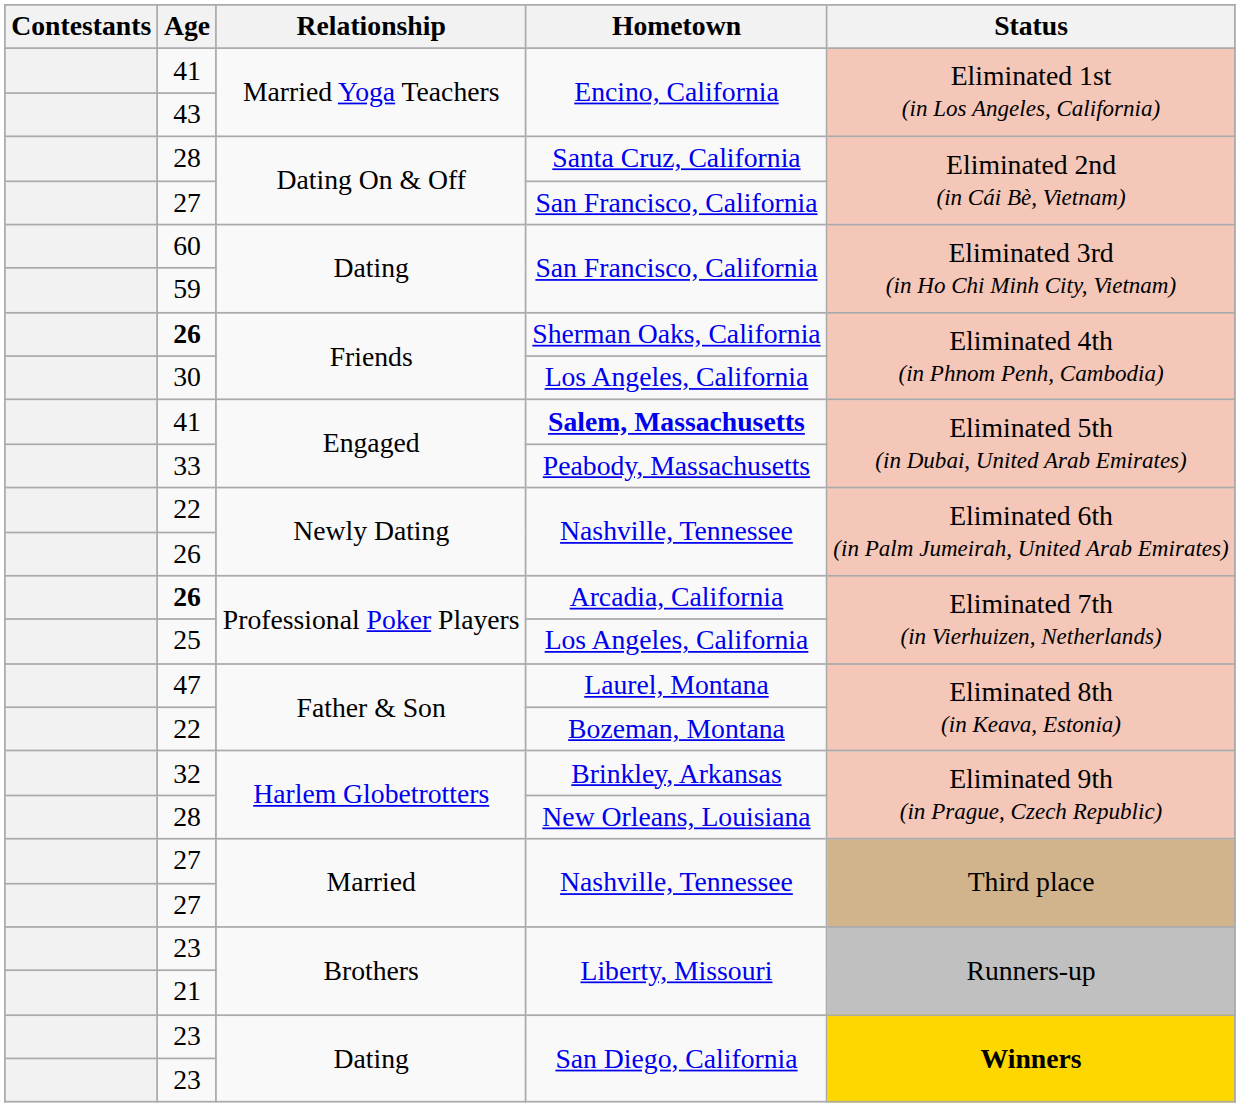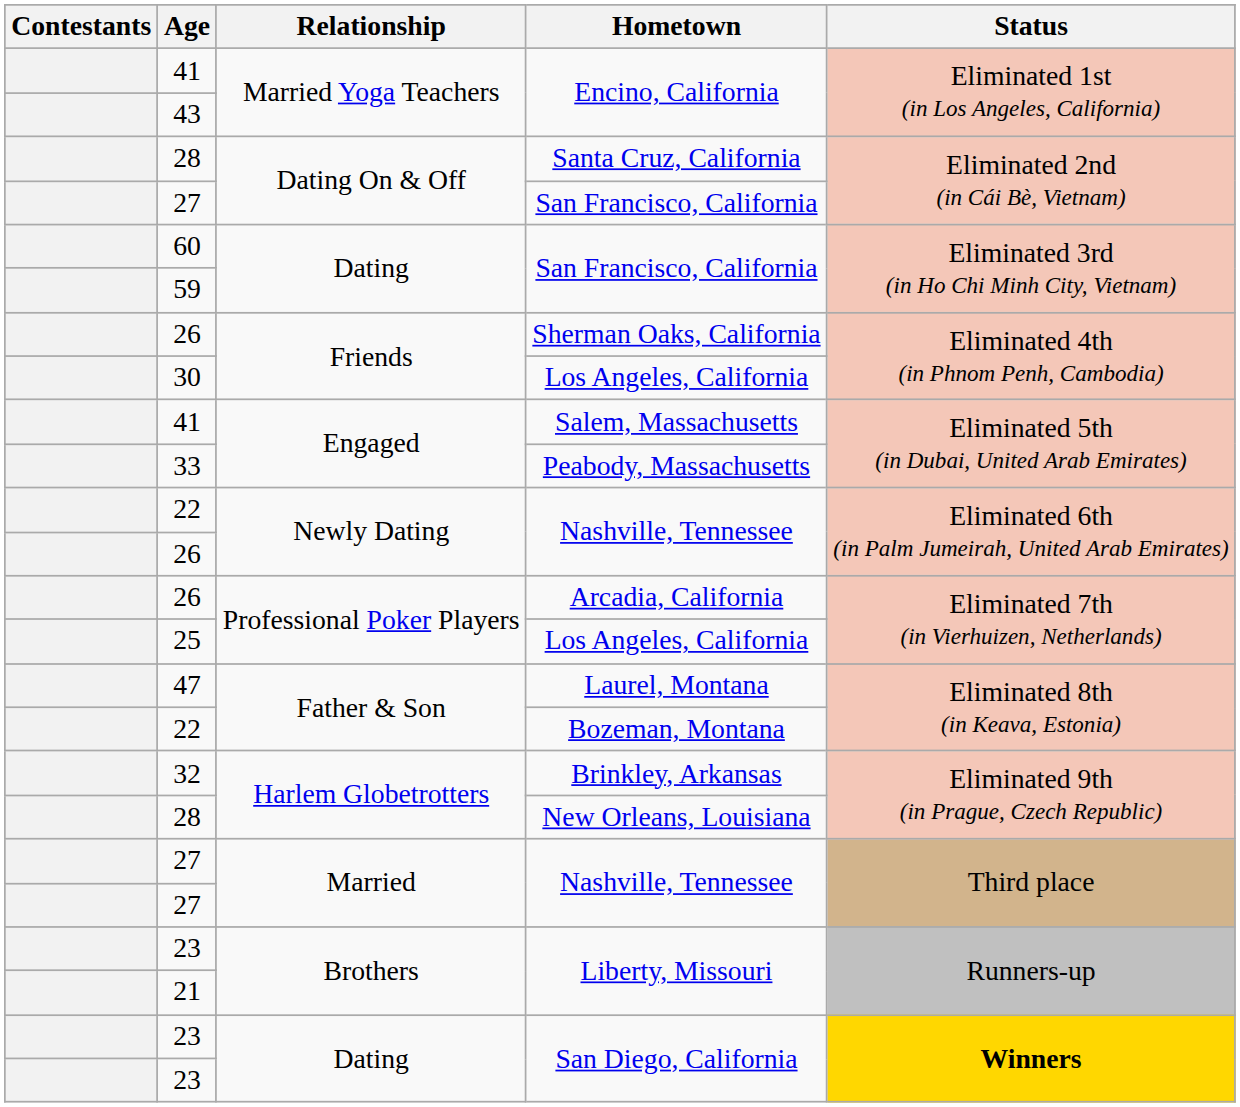 <table class="wikitable sortable" style="text-align:center;">
 <tr>
 <th scope="col">Contestants</th>
 <th scope="col">Age</th>
 <th scope="col" class="unsortable">Relationship</th>
 <th class="unsortable" scope="col">Hometown</th>
 <th scope="col">Status</th>
 </tr>
 <tr>
 <th scope="row"></th>
 <td>41</td>
 <td rowspan="2">Married <a href='#'>Yoga</a> Teachers</td>
 <td rowspan="2"><a href='#'>Encino, California</a></td>
 <td rowspan="2" bgcolor="f4c7b8">Eliminated 1st<br><small><em>(in Los Angeles, California)</em></small></td>
 </tr>
 <tr>
 <th scope="row"></th>
 <td>43</td>
 </tr>
 <tr>
 <th scope="row"></th>
 <td>28</td>
 <td rowspan="2">Dating On & Off</td>
 <td><a href='#'>Santa Cruz, California</a></td>
 <td rowspan="2" bgcolor="f4c7b8">Eliminated 2nd<br><small><em>(in Cái Bè, Vietnam)</em></small></td>
 </tr>
 <tr>
 <th scope="row"></th>
 <td>27</td>
 <td><a href='#'>San Francisco, California</a></td>
 </tr>
 <tr>
 <th scope="row"></th>
 <td>60</td>
 <td rowspan="2">Dating</td>
 <td rowspan="2"><a href='#'>San Francisco, California</a></td>
 <td rowspan="2" bgcolor="f4c7b8">Eliminated 3rd<br><small><em>(in Ho Chi Minh City, Vietnam)</em></small></td>
 </tr>
 <tr>
 <th scope="row"></th>
 <td>59</td>
 </tr>
 <tr>
 <th scope="row"></th>
-<td><strong>26</strong></td>
+<td>26</td>
 <td rowspan="2">Friends</td>
 <td><a href='#'>Sherman Oaks, California</a></td>
 <td rowspan="2" bgcolor="f4c7b8">Eliminated 4th<br><small><em>(in Phnom Penh, Cambodia)</em></small></td>
 </tr>
 <tr>
 <th scope="row"></th>
 <td>30</td>
 <td><a href='#'>Los Angeles, California</a></td>
 </tr>
 <tr>
 <th scope="row"></th>
 <td>41</td>
 <td rowspan="2">Engaged</td>
-<td><strong><a href='#'>Salem, Massachusetts</a></strong></td>
+<td><a href='#'>Salem, Massachusetts</a></td>
 <td rowspan="2" bgcolor="f4c7b8">Eliminated 5th<br><small><em>(in Dubai, United Arab Emirates)</em></small></td>
 </tr>
 <tr>
 <th scope="row"></th>
 <td>33</td>
 <td><a href='#'>Peabody, Massachusetts</a></td>
 </tr>
 <tr>
 <th scope="row"></th>
 <td>22</td>
 <td rowspan="2">Newly Dating</td>
 <td rowspan="2"><a href='#'>Nashville, Tennessee</a></td>
 <td rowspan="2" bgcolor="f4c7b8">Eliminated 6th<br><small><em>(in Palm Jumeirah, United Arab Emirates)</em></small></td>
 </tr>
 <tr>
 <th scope="row"></th>
 <td>26</td>
 </tr>
 <tr>
 <th scope="row"></th>
-<td><strong>26</strong></td>
+<td>26</td>
 <td rowspan="2">Professional <a href='#'>Poker</a> Players</td>
 <td><a href='#'>Arcadia, California</a></td>
 <td rowspan="2" bgcolor="f4c7b8">Eliminated 7th<br><small><em>(in Vierhuizen, Netherlands)</em></small></td>
 </tr>
 <tr>
 <th scope="row"></th>
 <td>25</td>
 <td><a href='#'>Los Angeles, California</a></td>
 </tr>
 <tr>
 <th scope="row"></th>
 <td>47</td>
 <td rowspan="2">Father & Son</td>
 <td><a href='#'>Laurel, Montana</a></td>
 <td rowspan="2" bgcolor="f4c7b8">Eliminated 8th<br><small><em>(in Keava, Estonia)</em></small></td>
 </tr>
 <tr>
 <th scope="row"></th>
 <td>22</td>
 <td><a href='#'>Bozeman, Montana</a></td>
 </tr>
 <tr>
 <th scope="row"></th>
 <td>32</td>
 <td rowspan="2"><a href='#'>Harlem Globetrotters</a></td>
 <td><a href='#'>Brinkley, Arkansas</a></td>
 <td rowspan="2" bgcolor="f4c7b8">Eliminated 9th<br><small><em>(in Prague, Czech Republic)</em></small></td>
 </tr>
 <tr>
 <th scope="row"></th>
 <td>28</td>
 <td><a href='#'>New Orleans, Louisiana</a></td>
 </tr>
 <tr>
 <th scope="row"></th>
 <td>27</td>
 <td rowspan="2">Married</td>
 <td rowspan="2"><a href='#'>Nashville, Tennessee</a></td>
 <td rowspan="2" bgcolor="tan">Third place</td>
 </tr>
 <tr>
 <th scope="row"></th>
 <td>27</td>
 </tr>
 <tr>
 <th scope="row"></th>
 <td>23</td>
 <td rowspan="2">Brothers</td>
 <td rowspan="2"><a href='#'>Liberty, Missouri</a></td>
 <td rowspan="2" bgcolor="silver">Runners-up</td>
 </tr>
 <tr>
 <th scope="row"></th>
 <td>21</td>
 </tr>
 <tr>
 <th scope="row"></th>
 <td>23</td>
 <td rowspan="2">Dating</td>
 <td rowspan="2"><a href='#'>San Diego, California</a></td>
 <td rowspan="2" bgcolor="gold"><strong>Winners</strong></td>
 </tr>
 <tr>
 <th scope="row"></th>
 <td>23</td>
 </tr>
 </table>
